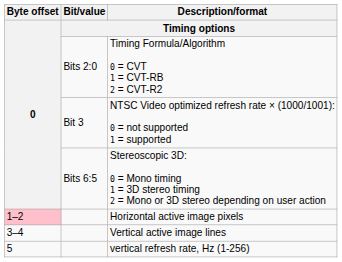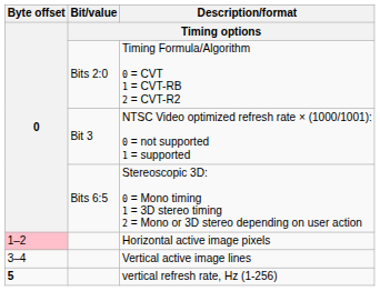 <table class=wikitable>
 <tr>
 <th>Byte offset</th>
 <th>Bit/value</th>
 <th>Description/format</th>
 </tr>
 <tr>
 <th rowspan=4>0</th>
 <th colspan=2>Timing options</th>
 </tr>
 <tr>
 <td>Bits 2:0</td>
 <td>Timing Formula/Algorithm<br><br><code>0</code> = CVT<br> <code>1</code> = CVT-RB<br> <code>2</code> = CVT-R2</td>
 </tr>
 <tr>
 <td>Bit 3</td>
 <td>NTSC Video optimized refresh rate × (1000/1001):<br><br><code>0</code> = not supported<br> <code>1</code> = supported</td>
 </tr>
 <tr>
 <td>Bits 6:5</td>
 <td>Stereoscopic 3D:<br><br><code>0</code> = Mono timing<br> <code>1</code> = 3D stereo timing<br> <code>2</code> = Mono or 3D stereo depending on user action</td>
 </tr>
 <tr>
 <td style="background: pink;">1–2</td>
 <td></td>
 <td>Horizontal active image pixels</td>
 </tr>
 <tr>
 <td>3–4</td>
 <td></td>
 <td>Vertical active image lines</td>
 </tr>
 <tr>
-<td>5</td>
+<td><strong>5</strong></td>
 <td></td>
 <td>vertical refresh rate, Hz (1-256)</td>
 </tr>
 </table>
